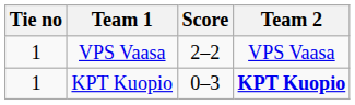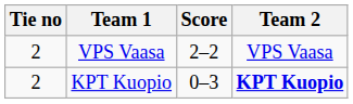 <table class="wikitable" style="text-align:center">
 <tr>
 <th style= width="40px">Tie no</th>
 <th style= width="150px">Team 1</th>
 <th style= width="60px">Score</th>
 <th style= width="150px">Team 2</th>
 </tr>
 <tr>
-<td>1</td>
+<td>2</td>
 <td><a href='#'>VPS Vaasa</a></td>
 <td>2–2</td>
 <td><a href='#'>VPS Vaasa</a></td>
 </tr>
 <tr>
-<td>1</td>
+<td>2</td>
 <td><a href='#'>KPT Kuopio</a></td>
 <td>0–3</td>
 <td><strong><a href='#'>KPT Kuopio</a></strong></td>
 </tr>
 </table>
